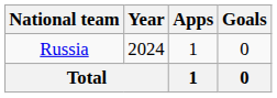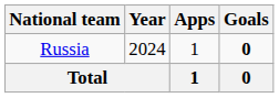 <table class="wikitable" style="text-align:center">
 <tr>
 <th>National team</th>
 <th>Year</th>
 <th>Apps</th>
 <th>Goals</th>
 </tr>
 <tr>
 <td rowspan="1"><a href='#'>Russia</a></td>
 <td>2024</td>
 <td>1</td>
-<td>0</td>
+<td><strong>0</strong></td>
 </tr>
 <tr>
 <th colspan="2">Total</th>
 <th>1</th>
 <th>0</th>
 </tr>
 </table>
